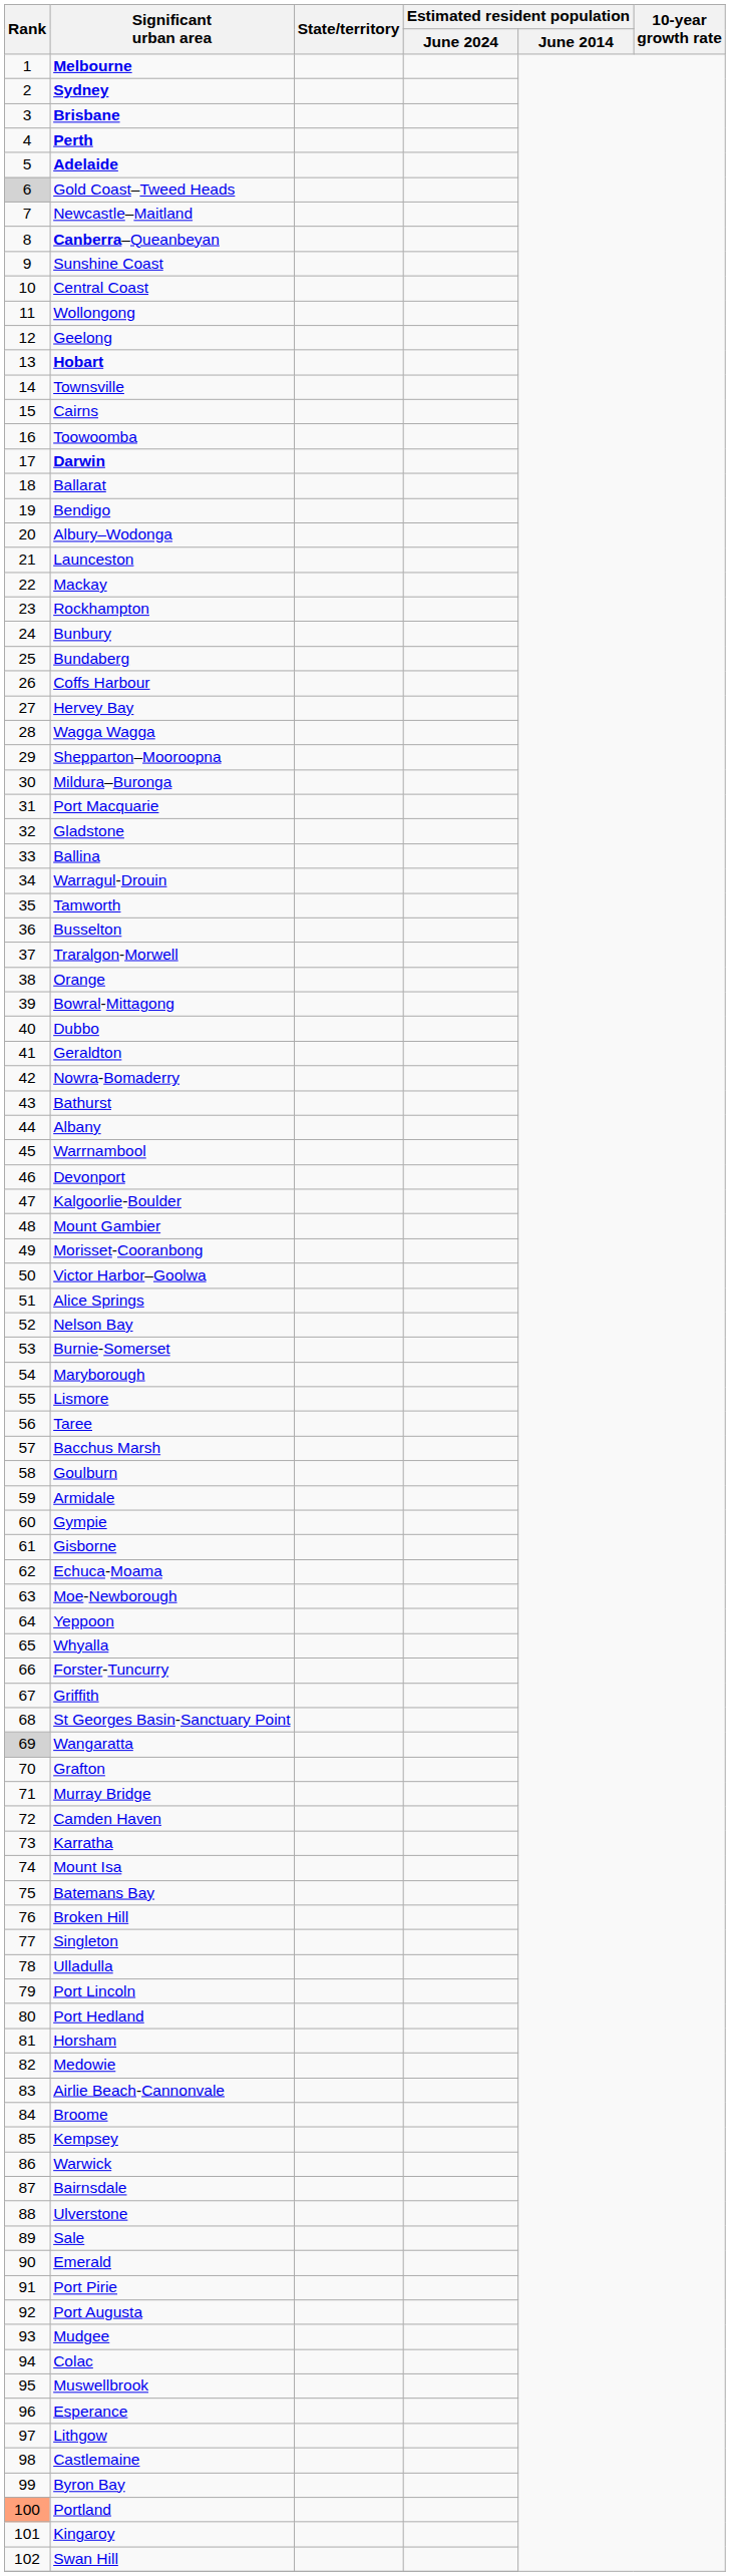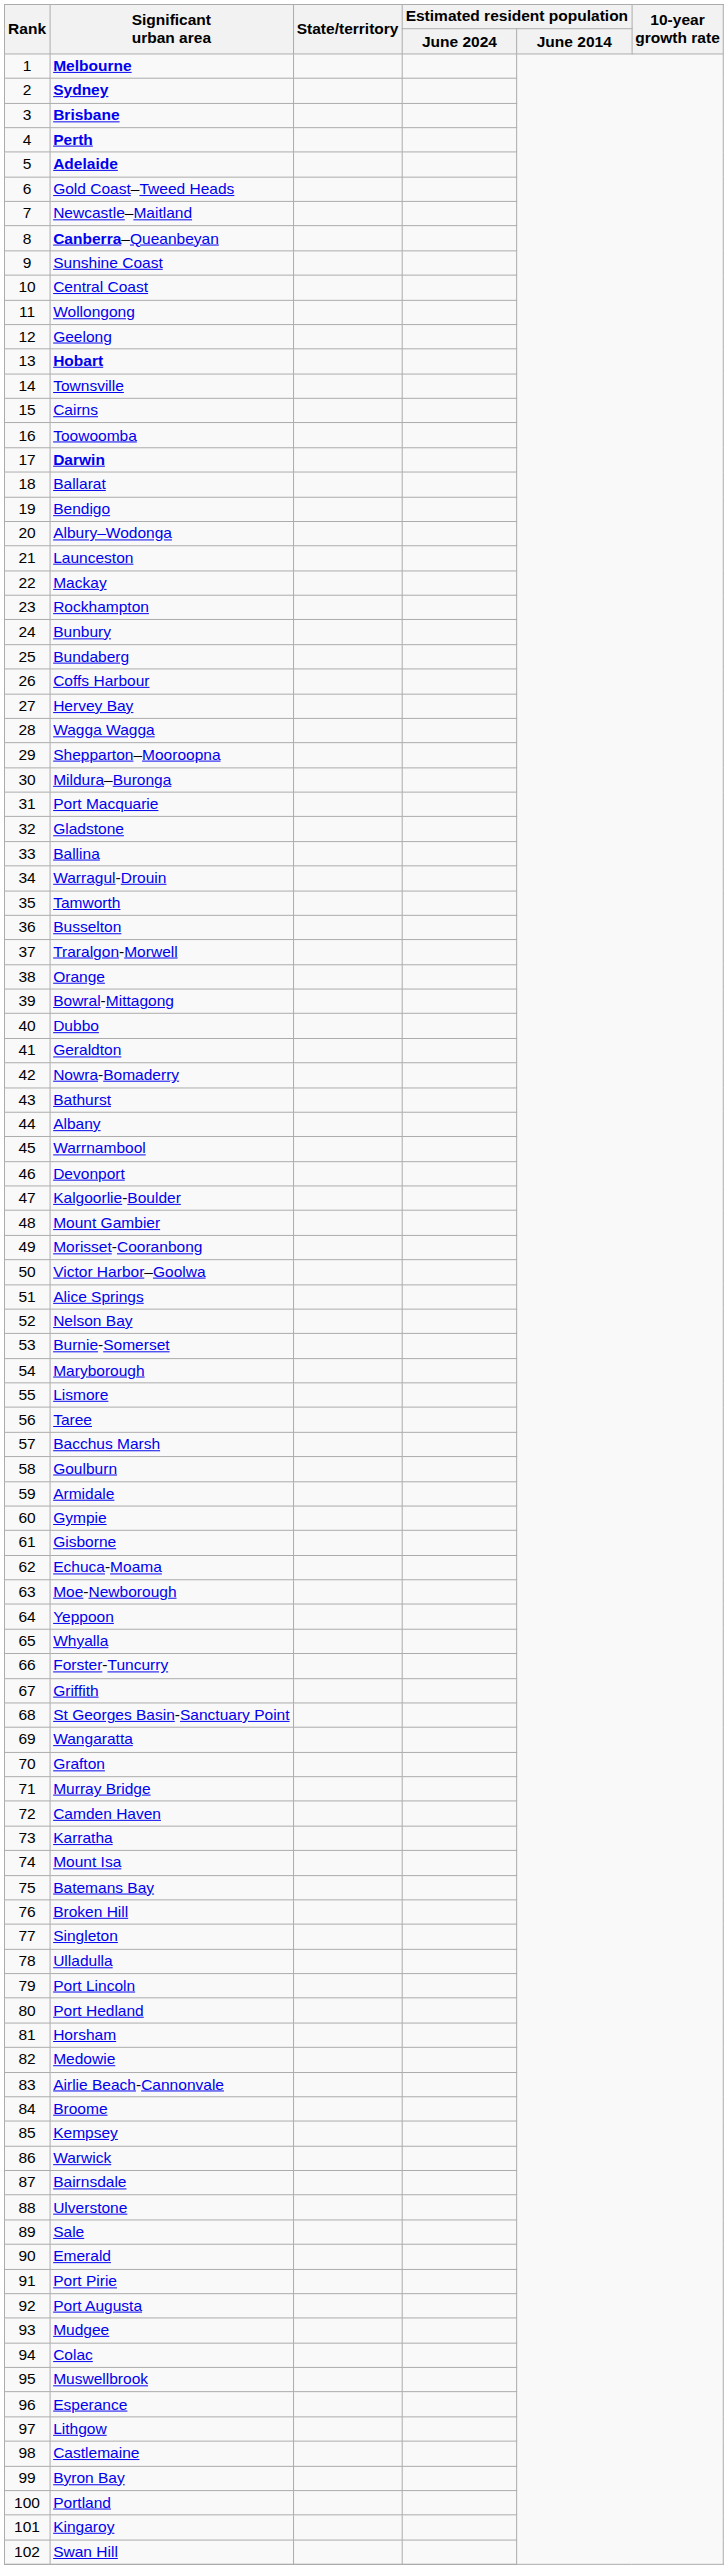 <table class="wikitable sortable plainrowheaders">
 <tr>
 <th scope="col" rowspan=2>Rank</th>
 <th scope="col" rowspan=2>Significant<br>urban area</th>
 <th scope="col" rowspan=2>State/territory</th>
 <th colspan=2>Estimated resident population</th>
 <th rowspan=2>10-year<br>growth rate</th>
 </tr>
 <tr>
 <th>June 2024</th>
 <th>June 2014</th>
 </tr>
 <tr>
 <td scope="row" style="text-align:center">1</td>
 <td><strong><a href='#'>Melbourne</a></strong></td>
 <td></td>
 <td></td>
 </tr>
 <tr>
 <td scope="row" style="text-align:center">2</td>
 <td><strong><a href='#'>Sydney</a></strong></td>
 <td></td>
 <td></td>
 </tr>
 <tr>
 <td scope="row" style="text-align:center">3</td>
 <td><strong><a href='#'>Brisbane</a></strong></td>
 <td></td>
 <td></td>
 </tr>
 <tr>
 <td scope="row" style="text-align:center">4</td>
 <td><strong><a href='#'>Perth</a></strong></td>
 <td></td>
 <td></td>
 </tr>
 <tr>
 <td scope="row" style="text-align:center">5</td>
 <td><strong><a href='#'>Adelaide</a></strong></td>
 <td></td>
 <td></td>
 </tr>
 <tr>
-<td scope="row" style="background: lightgrey; text-align:center">6</td>
+<td scope="row" style="text-align:center">6</td>
 <td><a href='#'>Gold Coast</a>–<a href='#'>Tweed Heads</a></td>
 <td><br></td>
 <td></td>
 </tr>
 <tr>
 <td scope="row" style="text-align:center">7</td>
 <td><a href='#'>Newcastle</a>–<a href='#'>Maitland</a></td>
 <td></td>
 <td></td>
 </tr>
 <tr>
 <td scope="row" style="text-align:center">8</td>
 <td><strong><a href='#'>Canberra</a></strong>–<a href='#'>Queanbeyan</a></td>
 <td><br></td>
 <td></td>
 </tr>
 <tr>
 <td scope="row" style="text-align:center">9</td>
 <td><a href='#'>Sunshine Coast</a></td>
 <td></td>
 <td></td>
 </tr>
 <tr>
 <td scope="row" style="text-align:center">10</td>
 <td><a href='#'>Central Coast</a></td>
 <td></td>
 <td></td>
 </tr>
 <tr>
 <td scope="row" style="text-align:center">11</td>
 <td><a href='#'>Wollongong</a></td>
 <td></td>
 <td></td>
 </tr>
 <tr>
 <td scope="row" style="text-align:center">12</td>
 <td><a href='#'>Geelong</a></td>
 <td></td>
 <td></td>
 </tr>
 <tr>
 <td scope="row" style="text-align:center">13</td>
 <td><strong><a href='#'>Hobart</a></strong></td>
 <td></td>
 <td></td>
 </tr>
 <tr>
 <td scope="row" style="text-align:center">14</td>
 <td><a href='#'>Townsville</a></td>
 <td></td>
 <td></td>
 </tr>
 <tr>
 <td scope="row" style="text-align:center">15</td>
 <td><a href='#'>Cairns</a></td>
 <td></td>
 <td></td>
 </tr>
 <tr>
 <td scope="row" style="text-align:center">16</td>
 <td><a href='#'>Toowoomba</a></td>
 <td></td>
 <td></td>
 </tr>
 <tr>
 <td scope="row" style="text-align:center">17</td>
 <td><strong><a href='#'>Darwin</a></strong></td>
 <td></td>
 <td></td>
 </tr>
 <tr>
 <td scope="row" style="text-align:center">18</td>
 <td><a href='#'>Ballarat</a></td>
 <td></td>
 <td></td>
 </tr>
 <tr>
 <td scope="row" style="text-align:center">19</td>
 <td><a href='#'>Bendigo</a></td>
 <td></td>
 <td></td>
 </tr>
 <tr>
 <td scope="row" style="text-align:center">20</td>
 <td><a href='#'>Albury–Wodonga</a></td>
 <td><br></td>
 <td></td>
 </tr>
 <tr>
 <td scope="row" style="text-align:center">21</td>
 <td><a href='#'>Launceston</a></td>
 <td></td>
 <td></td>
 </tr>
 <tr>
 <td scope="row" style="text-align:center">22</td>
 <td><a href='#'>Mackay</a></td>
 <td></td>
 <td></td>
 </tr>
 <tr>
 <td scope="row" style="text-align:center">23</td>
 <td><a href='#'>Rockhampton</a></td>
 <td></td>
 <td></td>
 </tr>
 <tr>
 <td scope="row" style="text-align:center">24</td>
 <td><a href='#'>Bunbury</a></td>
 <td></td>
 <td></td>
 </tr>
 <tr>
 <td scope="row" style="text-align:center">25</td>
 <td><a href='#'>Bundaberg</a></td>
 <td></td>
 <td></td>
 </tr>
 <tr>
 <td scope="row" style="text-align:center">26</td>
 <td><a href='#'>Coffs Harbour</a></td>
 <td></td>
 <td></td>
 </tr>
 <tr>
 <td scope="row" style="text-align:center">27</td>
 <td><a href='#'>Hervey Bay</a></td>
 <td></td>
 <td></td>
 </tr>
 <tr>
 <td scope="row" style="text-align:center">28</td>
 <td><a href='#'>Wagga Wagga</a></td>
 <td></td>
 <td></td>
 </tr>
 <tr>
 <td scope="row" style="text-align:center">29</td>
 <td><a href='#'>Shepparton</a>–<a href='#'>Mooroopna</a></td>
 <td></td>
 <td></td>
 </tr>
 <tr>
 <td scope="row" style="text-align:center">30</td>
 <td><a href='#'>Mildura</a>–<a href='#'>Buronga</a></td>
 <td><br></td>
 <td></td>
 </tr>
 <tr>
 <td scope="row" style="text-align:center">31</td>
 <td><a href='#'>Port Macquarie</a></td>
 <td></td>
 <td></td>
 </tr>
 <tr>
 <td scope="row" style="text-align:center">32</td>
 <td><a href='#'>Gladstone</a></td>
 <td></td>
 <td></td>
 </tr>
 <tr>
 <td scope="row" style="text-align:center">33</td>
 <td><a href='#'>Ballina</a></td>
 <td></td>
 <td></td>
 </tr>
 <tr>
 <td scope="row" style="text-align:center">34</td>
 <td><a href='#'>Warragul</a>-<a href='#'>Drouin</a></td>
 <td></td>
 <td></td>
 </tr>
 <tr>
 <td scope="row" style="text-align:center">35</td>
 <td><a href='#'>Tamworth</a></td>
 <td></td>
 <td></td>
 </tr>
 <tr>
 <td scope="row" style="text-align:center">36</td>
 <td><a href='#'>Busselton</a></td>
 <td></td>
 <td></td>
 </tr>
 <tr>
 <td scope="row" style="text-align:center">37</td>
 <td><a href='#'>Traralgon</a>-<a href='#'>Morwell</a></td>
 <td></td>
 <td></td>
 </tr>
 <tr>
 <td scope="row" style="text-align:center">38</td>
 <td><a href='#'>Orange</a></td>
 <td></td>
 <td></td>
 </tr>
 <tr>
 <td scope="row" style="text-align:center">39</td>
 <td><a href='#'>Bowral</a>-<a href='#'>Mittagong</a></td>
 <td></td>
 <td></td>
 </tr>
 <tr>
 <td scope="row" style="text-align:center">40</td>
 <td><a href='#'>Dubbo</a></td>
 <td></td>
 <td></td>
 </tr>
 <tr>
 <td scope="row" style="text-align:center">41</td>
 <td><a href='#'>Geraldton</a></td>
 <td></td>
 <td></td>
 </tr>
 <tr>
 <td scope="row" style="text-align:center">42</td>
 <td><a href='#'>Nowra</a>-<a href='#'>Bomaderry</a></td>
 <td></td>
 <td></td>
 </tr>
 <tr>
 <td scope="row" style="text-align:center">43</td>
 <td><a href='#'>Bathurst</a></td>
 <td></td>
 <td></td>
 </tr>
 <tr>
 <td scope="row" style="text-align:center">44</td>
 <td><a href='#'>Albany</a></td>
 <td></td>
 <td></td>
 </tr>
 <tr>
 <td scope="row" style="text-align:center">45</td>
 <td><a href='#'>Warrnambool</a></td>
 <td></td>
 <td></td>
 </tr>
 <tr>
 <td scope="row" style="text-align:center">46</td>
 <td><a href='#'>Devonport</a></td>
 <td></td>
 <td></td>
 </tr>
 <tr>
 <td scope="row" style="text-align:center">47</td>
 <td><a href='#'>Kalgoorlie</a>-<a href='#'>Boulder</a></td>
 <td></td>
 <td></td>
 </tr>
 <tr>
 <td scope="row" style="text-align:center">48</td>
 <td><a href='#'>Mount Gambier</a></td>
 <td></td>
 <td></td>
 </tr>
 <tr>
 <td scope="row" style="text-align:center">49</td>
 <td><a href='#'>Morisset</a>-<a href='#'>Cooranbong</a></td>
 <td></td>
 <td></td>
 </tr>
 <tr>
 <td scope="row" style="text-align:center">50</td>
 <td><a href='#'>Victor Harbor</a>–<a href='#'>Goolwa</a></td>
 <td></td>
 <td></td>
 </tr>
 <tr>
 <td scope="row" style="text-align:center">51</td>
 <td><a href='#'>Alice Springs</a></td>
 <td></td>
 <td></td>
 </tr>
 <tr>
 <td scope="row" style="text-align:center">52</td>
 <td><a href='#'>Nelson Bay</a></td>
 <td></td>
 <td></td>
 </tr>
 <tr>
 <td scope="row" style="text-align:center">53</td>
 <td><a href='#'>Burnie</a>-<a href='#'>Somerset</a></td>
 <td></td>
 <td></td>
 </tr>
 <tr>
 <td scope="row" style="text-align:center">54</td>
 <td><a href='#'>Maryborough</a></td>
 <td></td>
 <td></td>
 </tr>
 <tr>
 <td scope="row" style="text-align:center">55</td>
 <td><a href='#'>Lismore</a></td>
 <td></td>
 <td></td>
 </tr>
 <tr>
 <td scope="row" style="text-align:center">56</td>
 <td><a href='#'>Taree</a></td>
 <td></td>
 <td></td>
 </tr>
 <tr>
 <td scope="row" style="text-align:center">57</td>
 <td><a href='#'>Bacchus Marsh</a></td>
 <td></td>
 <td></td>
 </tr>
 <tr>
 <td scope="row" style="text-align:center">58</td>
 <td><a href='#'>Goulburn</a></td>
 <td></td>
 <td></td>
 </tr>
 <tr>
 <td scope="row" style="text-align:center">59</td>
 <td><a href='#'>Armidale</a></td>
 <td></td>
 <td></td>
 </tr>
 <tr>
 <td scope="row" style="text-align:center">60</td>
 <td><a href='#'>Gympie</a></td>
 <td></td>
 <td></td>
 </tr>
 <tr>
 <td scope="row" style="text-align:center">61</td>
 <td><a href='#'>Gisborne</a></td>
 <td></td>
 <td></td>
 </tr>
 <tr>
 <td scope="row" style="text-align:center">62</td>
 <td><a href='#'>Echuca</a>-<a href='#'>Moama</a></td>
 <td><br></td>
 <td></td>
 </tr>
 <tr>
 <td scope="row" style="text-align:center">63</td>
 <td><a href='#'>Moe</a>-<a href='#'>Newborough</a></td>
 <td></td>
 <td></td>
 </tr>
 <tr>
 <td scope="row" style="text-align:center">64</td>
 <td><a href='#'>Yeppoon</a></td>
 <td></td>
 <td></td>
 </tr>
 <tr>
 <td scope="row" style="text-align:center">65</td>
 <td><a href='#'>Whyalla</a></td>
 <td></td>
 <td></td>
 </tr>
 <tr>
 <td scope="row" style="text-align:center">66</td>
 <td><a href='#'>Forster</a>-<a href='#'>Tuncurry</a></td>
 <td></td>
 <td></td>
 </tr>
 <tr>
 <td scope="row" style="text-align:center">67</td>
 <td><a href='#'>Griffith</a></td>
 <td></td>
 <td></td>
 </tr>
 <tr>
 <td scope="row" style="text-align:center">68</td>
 <td><a href='#'>St Georges Basin</a>-<a href='#'>Sanctuary Point</a></td>
 <td></td>
 <td></td>
 </tr>
 <tr>
-<td scope="row" style="background: lightgrey; text-align:center">69</td>
+<td scope="row" style="text-align:center">69</td>
 <td><a href='#'>Wangaratta</a></td>
 <td></td>
 <td></td>
 </tr>
 <tr>
 <td scope="row" style="text-align:center">70</td>
 <td><a href='#'>Grafton</a></td>
 <td></td>
 <td></td>
 </tr>
 <tr>
 <td scope="row" style="text-align:center">71</td>
 <td><a href='#'>Murray Bridge</a></td>
 <td></td>
 <td></td>
 </tr>
 <tr>
 <td scope="row" style="text-align:center">72</td>
 <td><a href='#'>Camden Haven</a></td>
 <td></td>
 <td></td>
 </tr>
 <tr>
 <td scope="row" style="text-align:center">73</td>
 <td><a href='#'>Karratha</a></td>
 <td></td>
 <td></td>
 </tr>
 <tr>
 <td scope="row" style="text-align:center">74</td>
 <td><a href='#'>Mount Isa</a></td>
 <td></td>
 <td></td>
 </tr>
 <tr>
 <td scope="row" style="text-align:center">75</td>
 <td><a href='#'>Batemans Bay</a></td>
 <td></td>
 <td></td>
 </tr>
 <tr>
 <td scope="row" style="text-align:center">76</td>
 <td><a href='#'>Broken Hill</a></td>
 <td></td>
 <td></td>
 </tr>
 <tr>
 <td scope="row" style="text-align:center">77</td>
 <td><a href='#'>Singleton</a></td>
 <td></td>
 <td></td>
 </tr>
 <tr>
 <td scope="row" style="text-align:center">78</td>
 <td><a href='#'>Ulladulla</a></td>
 <td></td>
 <td></td>
 </tr>
 <tr>
 <td scope="row" style="text-align:center">79</td>
 <td><a href='#'>Port Lincoln</a></td>
 <td></td>
 <td></td>
 </tr>
 <tr>
 <td scope="row" style="text-align:center">80</td>
 <td><a href='#'>Port Hedland</a></td>
 <td></td>
 <td></td>
 </tr>
 <tr>
 <td scope="row" style="text-align:center">81</td>
 <td><a href='#'>Horsham</a></td>
 <td></td>
 <td></td>
 </tr>
 <tr>
 <td scope="row" style="text-align:center">82</td>
 <td><a href='#'>Medowie</a></td>
 <td></td>
 <td></td>
 </tr>
 <tr>
 <td scope="row" style="text-align:center">83</td>
 <td><a href='#'>Airlie Beach</a>-<a href='#'>Cannonvale</a></td>
 <td></td>
 <td></td>
 </tr>
 <tr>
 <td scope="row" style="text-align:center">84</td>
 <td><a href='#'>Broome</a></td>
 <td></td>
 <td></td>
 </tr>
 <tr>
 <td scope="row" style="text-align:center">85</td>
 <td><a href='#'>Kempsey</a></td>
 <td></td>
 <td></td>
 </tr>
 <tr>
 <td scope="row" style="text-align:center">86</td>
 <td><a href='#'>Warwick</a></td>
 <td></td>
 <td></td>
 </tr>
 <tr>
 <td scope="row" style="text-align:center">87</td>
 <td><a href='#'>Bairnsdale</a></td>
 <td></td>
 <td></td>
 </tr>
 <tr>
 <td scope="row" style="text-align:center">88</td>
 <td><a href='#'>Ulverstone</a></td>
 <td></td>
 <td></td>
 </tr>
 <tr>
 <td scope="row" style="text-align:center">89</td>
 <td><a href='#'>Sale</a></td>
 <td></td>
 <td></td>
 </tr>
 <tr>
 <td scope="row" style="text-align:center">90</td>
 <td><a href='#'>Emerald</a></td>
 <td></td>
 <td></td>
 </tr>
 <tr>
 <td scope="row" style="text-align:center">91</td>
 <td><a href='#'>Port Pirie</a></td>
 <td></td>
 <td></td>
 </tr>
 <tr>
 <td scope="row" style="text-align:center">92</td>
 <td><a href='#'>Port Augusta</a></td>
 <td></td>
 <td></td>
 </tr>
 <tr>
 <td scope="row" style="text-align:center">93</td>
 <td><a href='#'>Mudgee</a></td>
 <td></td>
 <td></td>
 </tr>
 <tr>
 <td scope="row" style="text-align:center">94</td>
 <td><a href='#'>Colac</a></td>
 <td></td>
 <td></td>
 </tr>
 <tr>
 <td scope="row" style="text-align:center">95</td>
 <td><a href='#'>Muswellbrook</a></td>
 <td></td>
 <td></td>
 </tr>
 <tr>
 <td scope="row" style="text-align:center">96</td>
 <td><a href='#'>Esperance</a></td>
 <td></td>
 <td></td>
 </tr>
 <tr>
 <td scope="row" style="text-align:center">97</td>
 <td><a href='#'>Lithgow</a></td>
 <td></td>
 <td></td>
 </tr>
 <tr>
 <td scope="row" style="text-align:center">98</td>
 <td><a href='#'>Castlemaine</a></td>
 <td></td>
 <td></td>
 </tr>
 <tr>
 <td scope="row" style="text-align:center">99</td>
 <td><a href='#'>Byron Bay</a></td>
 <td></td>
 <td></td>
 </tr>
 <tr>
-<td scope="row" style="background: lightsalmon; text-align:center">100</td>
+<td scope="row" style="text-align:center">100</td>
 <td><a href='#'>Portland</a></td>
 <td></td>
 <td></td>
 </tr>
 <tr>
 <td scope="row" style="text-align:center">101</td>
 <td><a href='#'>Kingaroy</a></td>
 <td></td>
 <td></td>
 </tr>
 <tr>
 <td scope="row" style="text-align:center">102</td>
 <td><a href='#'>Swan Hill</a></td>
 <td></td>
 <td></td>
 </tr>
 <tr>
 </tr>
 </table>
